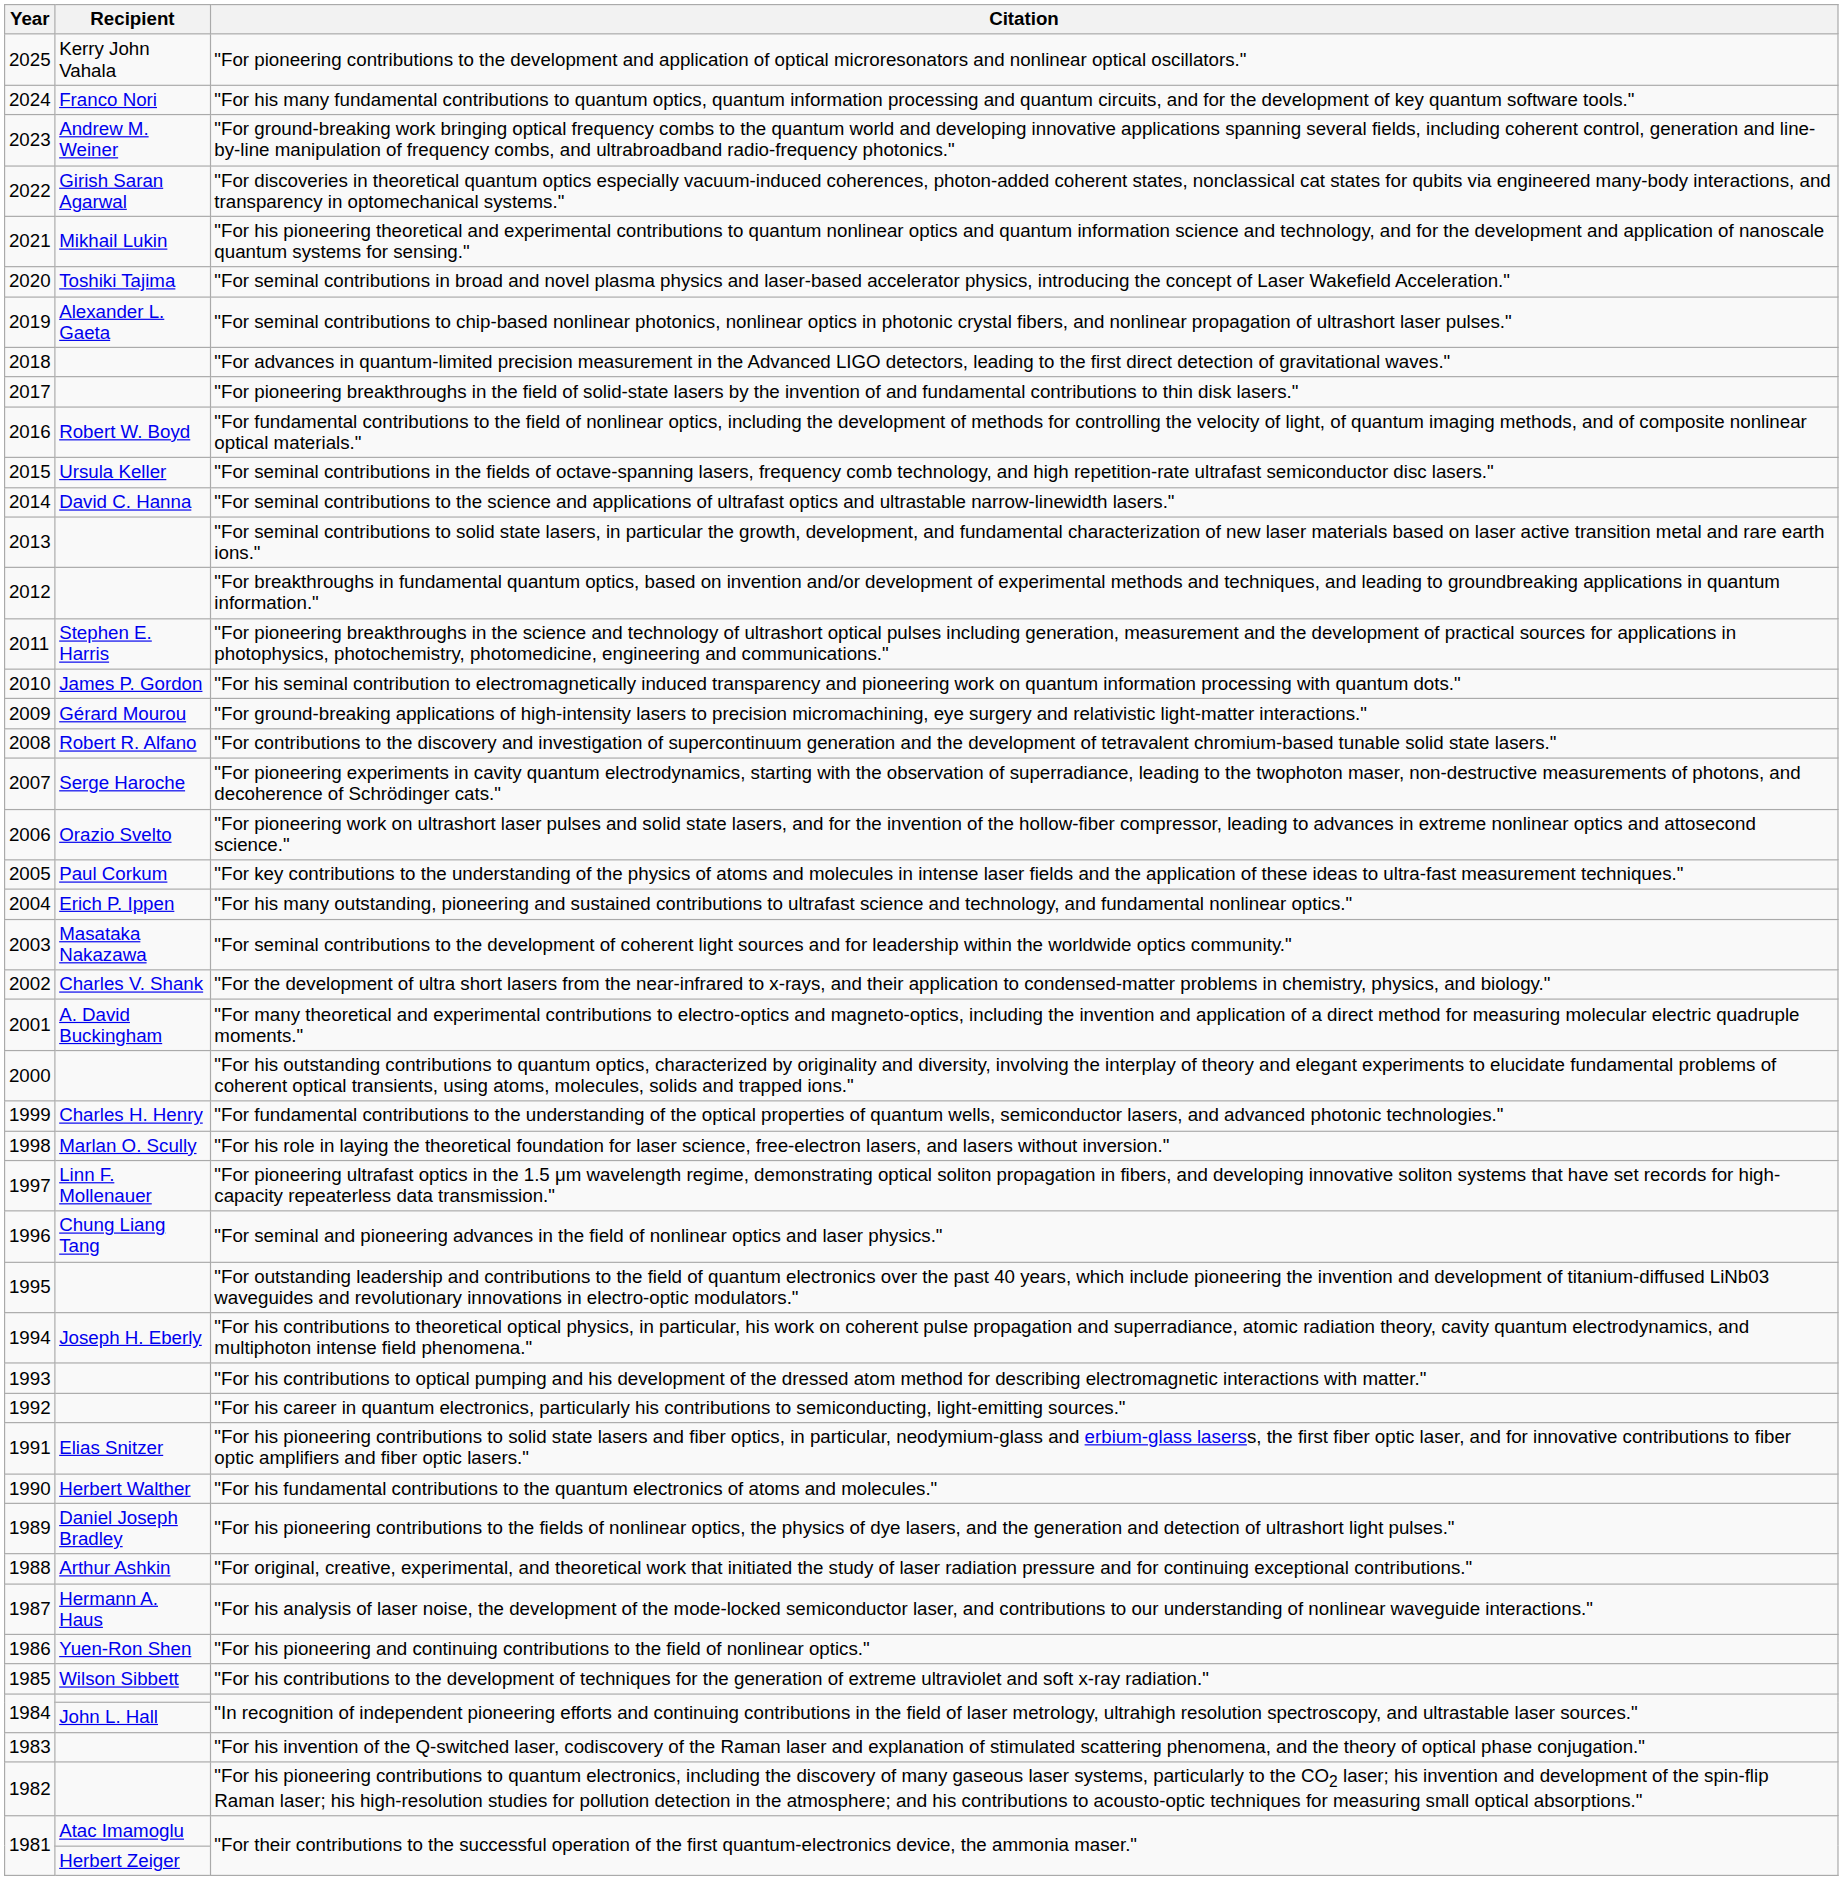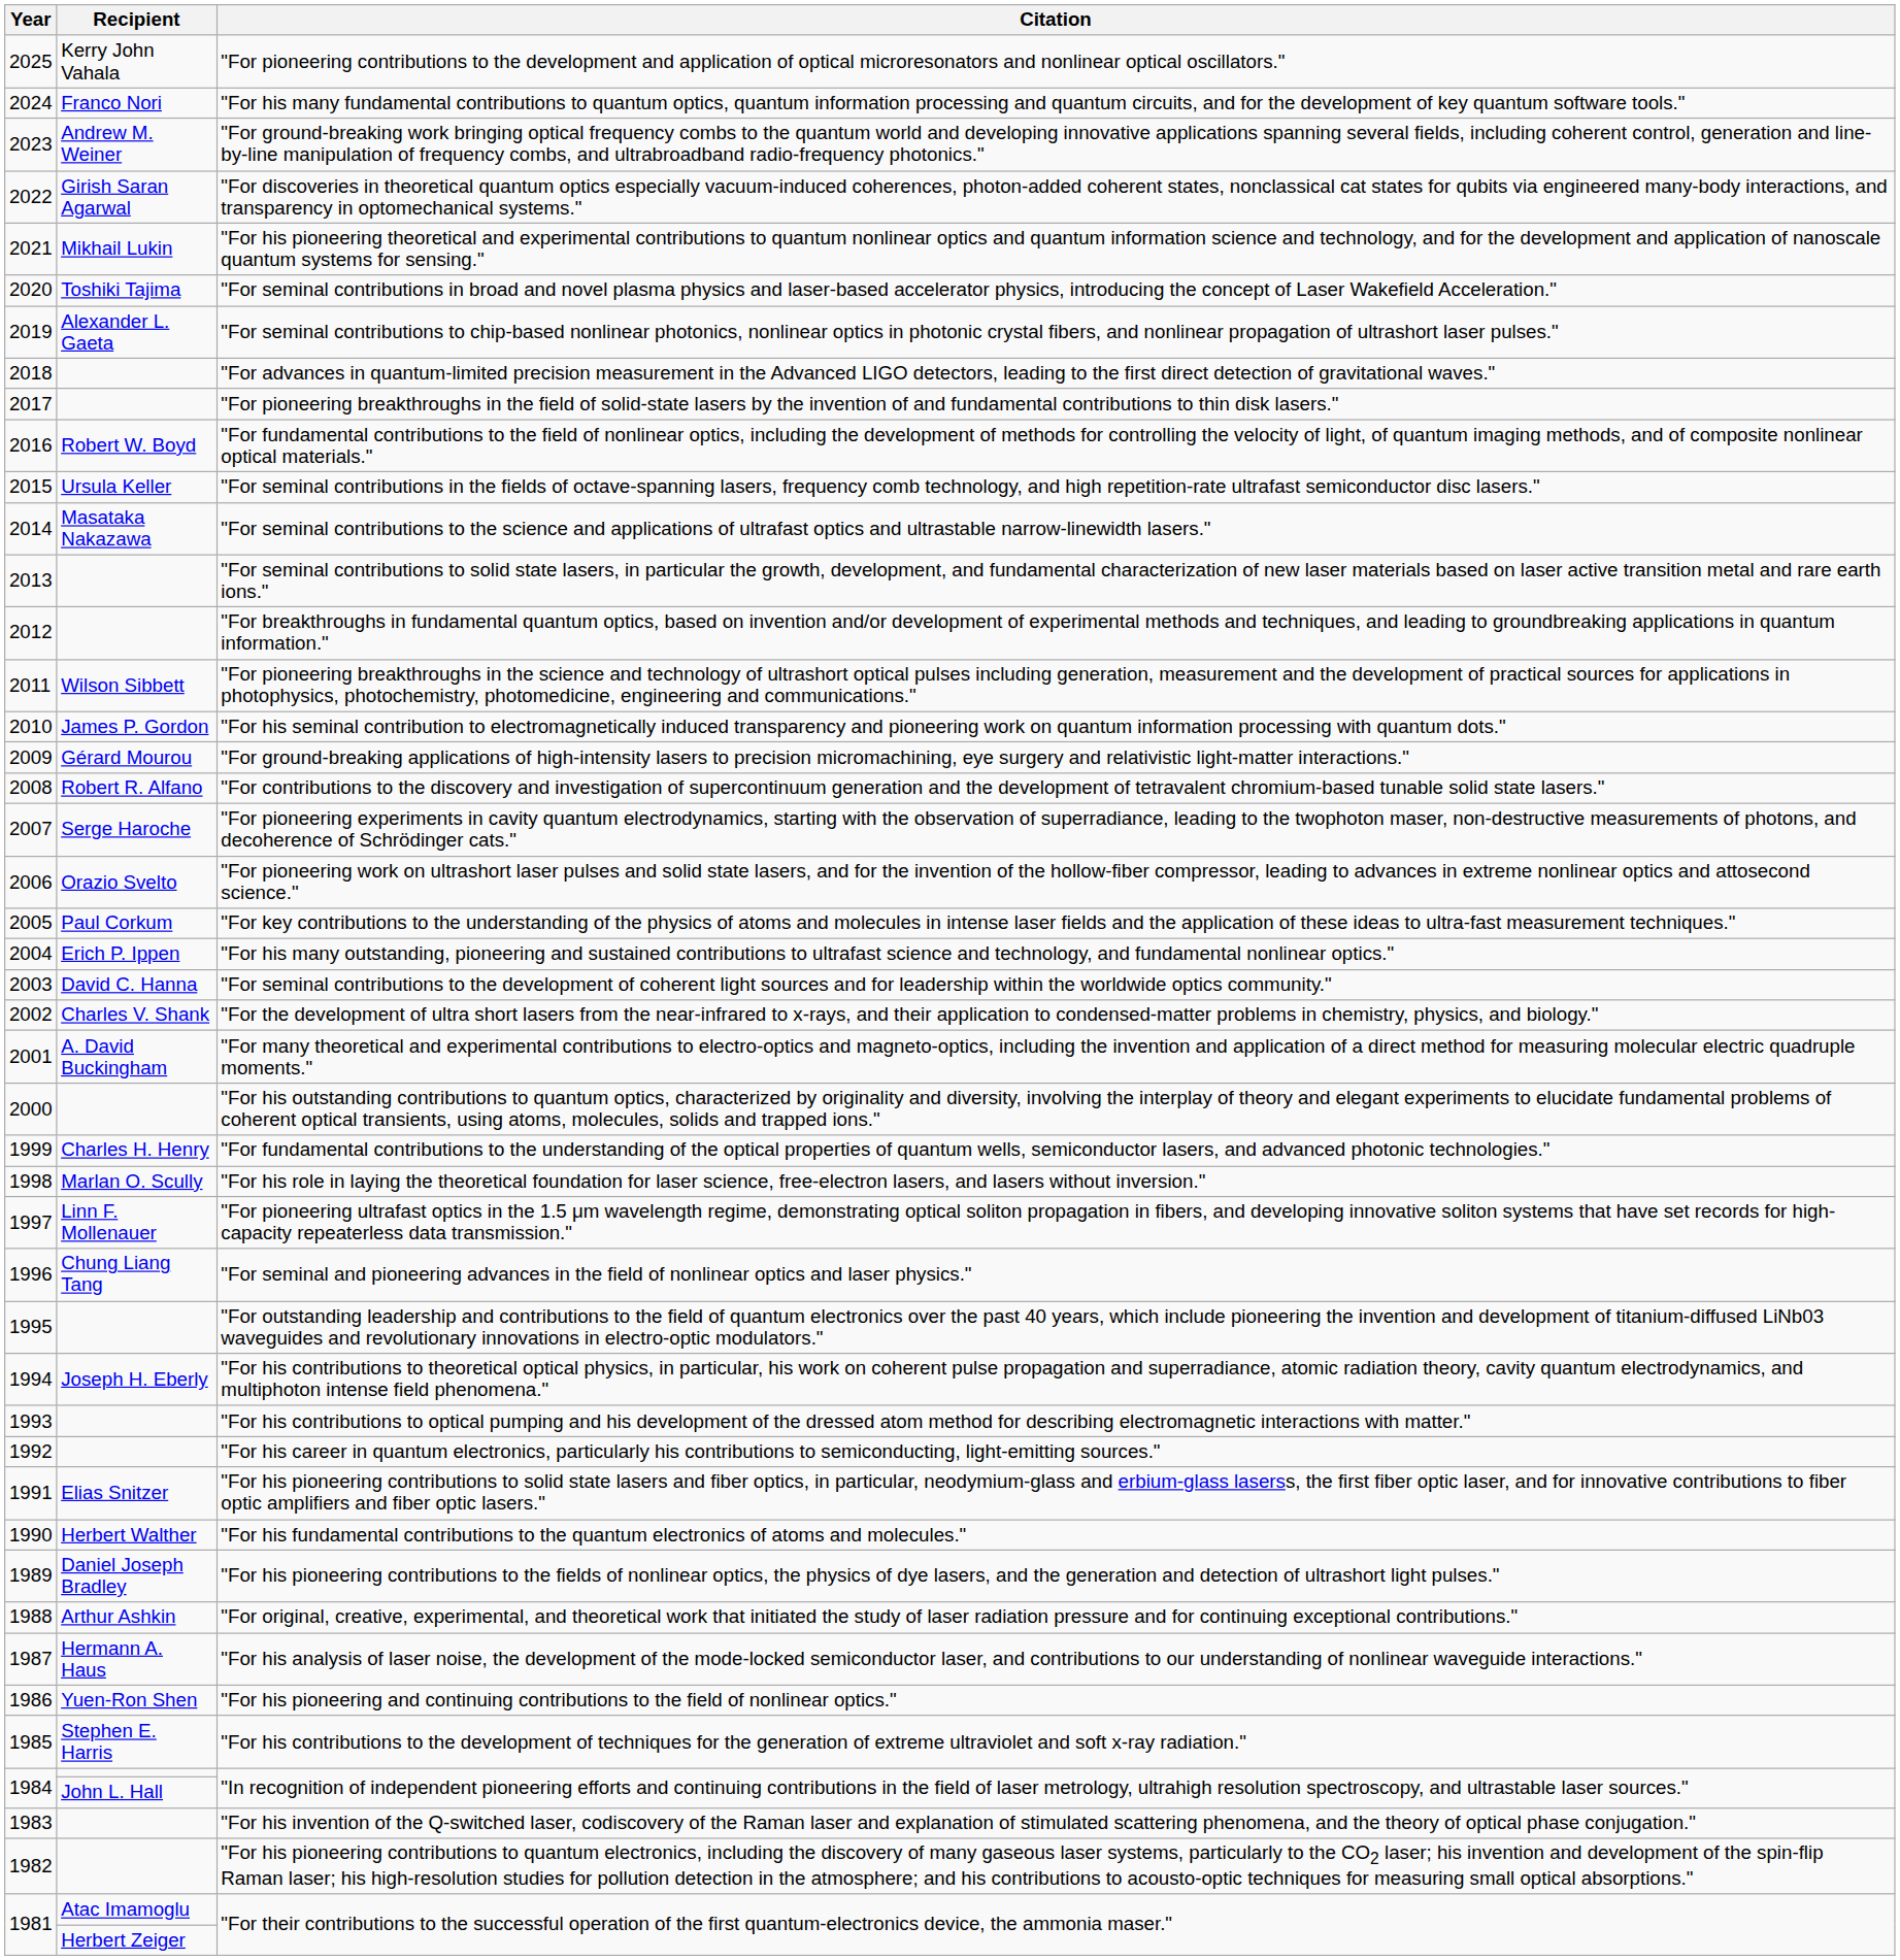 <table class="wikitable">
 <tr>
 <th>Year</th>
 <th>Recipient</th>
 <th>Citation</th>
 </tr>
 <tr>
 <td>2025</td>
 <td>Kerry John Vahala</td>
 <td>"For pioneering contributions to the development and application of optical microresonators and nonlinear optical oscillators."</td>
 </tr>
 <tr>
 <td>2024</td>
 <td><a href='#'>Franco Nori</a></td>
 <td>"For his many fundamental contributions to quantum optics, quantum information processing and quantum circuits, and for the development of key quantum software tools."</td>
 </tr>
 <tr>
 <td>2023</td>
 <td><a href='#'>Andrew M. Weiner</a></td>
 <td>"For ground-breaking work bringing optical frequency combs to the quantum world and developing innovative applications spanning several fields, including coherent control, generation and line-by-line manipulation of frequency combs, and ultrabroadband radio-frequency photonics."</td>
 </tr>
 <tr>
 <td>2022</td>
 <td><a href='#'>Girish Saran Agarwal</a></td>
 <td>"For discoveries in theoretical quantum optics especially vacuum-induced coherences, photon-added coherent states, nonclassical cat states for qubits via engineered many-body interactions, and transparency in optomechanical systems."</td>
 </tr>
 <tr>
 <td>2021</td>
 <td><a href='#'>Mikhail Lukin</a></td>
 <td>"For his pioneering theoretical and experimental contributions to quantum nonlinear optics and quantum information science and technology, and for the development and application of nanoscale quantum systems for sensing."</td>
 </tr>
 <tr>
 <td>2020</td>
 <td><a href='#'>Toshiki Tajima</a></td>
 <td>"For seminal contributions in broad and novel plasma physics and laser-based accelerator physics, introducing the concept of Laser Wakefield Acceleration."</td>
 </tr>
 <tr>
 <td>2019</td>
 <td><a href='#'>Alexander L. Gaeta</a></td>
 <td>"For seminal contributions to chip-based nonlinear photonics, nonlinear optics in photonic crystal fibers, and nonlinear propagation of ultrashort laser pulses."</td>
 </tr>
 <tr>
 <td>2018</td>
 <td></td>
 <td>"For advances in quantum-limited precision measurement in the Advanced LIGO detectors, leading to the first direct detection of gravitational waves."</td>
 </tr>
 <tr>
 <td>2017</td>
 <td></td>
 <td>"For pioneering breakthroughs in the field of solid-state lasers by the invention of and fundamental contributions to thin disk lasers."</td>
 </tr>
 <tr>
 <td>2016</td>
 <td><a href='#'>Robert W. Boyd</a></td>
 <td>"For fundamental contributions to the field of nonlinear optics, including the development of methods for controlling the velocity of light, of quantum imaging methods, and of composite nonlinear optical materials."</td>
 </tr>
 <tr>
 <td>2015</td>
 <td><a href='#'>Ursula Keller</a></td>
 <td>"For seminal contributions in the fields of octave-spanning lasers, frequency comb technology, and high repetition-rate ultrafast semiconductor disc lasers."</td>
 </tr>
 <tr>
 <td>2014</td>
-<td><a href='#'>David C. Hanna</a></td>
+<td><a href='#'>Masataka Nakazawa</a></td>
 <td>"For seminal contributions to the science and applications of ultrafast optics and ultrastable narrow-linewidth lasers."</td>
 </tr>
 <tr>
 <td>2013</td>
 <td></td>
 <td>"For seminal contributions to solid state lasers, in particular the growth, development, and fundamental characterization of new laser materials based on laser active transition metal and rare earth ions."</td>
 </tr>
 <tr>
 <td>2012</td>
 <td></td>
 <td>"For breakthroughs in fundamental quantum optics, based on invention and/or development of experimental methods and techniques, and leading to groundbreaking applications in quantum information."</td>
 </tr>
 <tr>
 <td>2011</td>
-<td><a href='#'>Stephen E. Harris</a> </td>
+<td><a href='#'>Wilson Sibbett</a></td>
 <td>"For pioneering breakthroughs in the science and technology of ultrashort optical pulses including generation, measurement and the development of practical sources for applications in photophysics, photochemistry, photomedicine, engineering and communications."</td>
 </tr>
 <tr>
 <td>2010</td>
 <td><a href='#'>James P. Gordon</a></td>
 <td>"For his seminal contribution to electromagnetically induced transparency and pioneering work on quantum information processing with quantum dots."</td>
 </tr>
 <tr>
 <td>2009</td>
 <td><a href='#'>Gérard Mourou</a> </td>
 <td>"For ground-breaking applications of high-intensity lasers to precision micromachining, eye surgery and relativistic light-matter interactions."</td>
 </tr>
 <tr>
 <td>2008</td>
 <td><a href='#'>Robert R. Alfano</a></td>
 <td>"For contributions to the discovery and investigation of supercontinuum generation and the development of tetravalent chromium-based tunable solid state lasers."</td>
 </tr>
 <tr>
 <td>2007</td>
 <td><a href='#'>Serge Haroche</a> </td>
 <td>"For pioneering experiments in cavity quantum electrodynamics, starting with the observation of superradiance, leading to the twophoton maser, non-destructive measurements of photons, and decoherence of Schrödinger cats."</td>
 </tr>
 <tr>
 <td>2006</td>
 <td><a href='#'>Orazio Svelto</a></td>
 <td>"For pioneering work on ultrashort laser pulses and solid state lasers, and for the invention of the hollow-fiber compressor, leading to advances in extreme nonlinear optics and attosecond science."</td>
 </tr>
 <tr>
 <td>2005</td>
 <td><a href='#'>Paul Corkum</a>  </td>
 <td>"For key contributions to the understanding of the physics of atoms and molecules in intense laser fields and the application of these ideas to ultra-fast measurement techniques."</td>
 </tr>
 <tr>
 <td>2004</td>
 <td><a href='#'>Erich P. Ippen</a></td>
 <td>"For his many outstanding, pioneering and sustained contributions to ultrafast science and technology, and fundamental nonlinear optics."</td>
 </tr>
 <tr>
 <td>2003</td>
-<td><a href='#'>Masataka Nakazawa</a></td>
+<td><a href='#'>David C. Hanna</a></td>
 <td>"For seminal contributions to the development of coherent light sources and for leadership within the worldwide optics community."</td>
 </tr>
 <tr>
 <td>2002</td>
 <td><a href='#'>Charles V. Shank</a></td>
 <td>"For the development of ultra short lasers from the near-infrared to x-rays, and their application to condensed-matter problems in chemistry, physics, and biology."</td>
 </tr>
 <tr>
 <td>2001</td>
 <td><a href='#'>A. David Buckingham</a></td>
 <td>"For many theoretical and experimental contributions to electro-optics and magneto-optics, including the invention and application of a direct method for measuring molecular electric quadruple moments."</td>
 </tr>
 <tr>
 <td>2000</td>
 <td></td>
 <td>"For his outstanding contributions to quantum optics, characterized by originality and diversity, involving the interplay of theory and elegant experiments to elucidate fundamental problems of coherent optical transients, using atoms, molecules, solids and trapped ions."</td>
 </tr>
 <tr>
 <td>1999</td>
 <td><a href='#'>Charles H. Henry</a></td>
 <td>"For fundamental contributions to the understanding of the optical properties of quantum wells, semiconductor lasers, and advanced photonic technologies."</td>
 </tr>
 <tr>
 <td>1998</td>
 <td><a href='#'>Marlan O. Scully</a></td>
 <td>"For his role in laying the theoretical foundation for laser science, free-electron lasers, and lasers without inversion."</td>
 </tr>
 <tr>
 <td>1997</td>
 <td><a href='#'>Linn F. Mollenauer</a></td>
 <td>"For pioneering ultrafast optics in the 1.5 μm wavelength regime, demonstrating optical soliton propagation in fibers, and developing innovative soliton systems that have set records for high-capacity repeaterless data transmission."</td>
 </tr>
 <tr>
 <td>1996</td>
 <td><a href='#'>Chung Liang Tang</a></td>
 <td>"For seminal and pioneering advances in the field of nonlinear optics and laser physics."</td>
 </tr>
 <tr>
 <td>1995</td>
 <td> </td>
 <td>"For outstanding leadership and contributions to the field of quantum electronics over the past 40 years, which include pioneering the invention and development of titanium-diffused LiNb03 waveguides and revolutionary innovations in electro-optic modulators."</td>
 </tr>
 <tr>
 <td>1994</td>
 <td><a href='#'>Joseph H. Eberly</a></td>
 <td>"For his contributions to theoretical optical physics, in particular, his work on coherent pulse propagation and superradiance, atomic radiation theory, cavity quantum electrodynamics, and multiphoton intense field phenomena."</td>
 </tr>
 <tr>
 <td>1993</td>
 <td></td>
 <td>"For his contributions to optical pumping and his development of the dressed atom method for describing electromagnetic interactions with matter."</td>
 </tr>
 <tr>
 <td>1992</td>
 <td></td>
 <td>"For his career in quantum electronics, particularly his contributions to semiconducting, light-emitting sources."</td>
 </tr>
 <tr>
 <td>1991</td>
 <td><a href='#'>Elias Snitzer</a></td>
 <td>"For his pioneering contributions to solid state lasers and fiber optics, in particular, neodymium-glass and <a href='#'>erbium-glass lasers</a>s, the first fiber optic laser, and for innovative contributions to fiber optic amplifiers and fiber optic lasers."</td>
 </tr>
 <tr>
 <td>1990</td>
 <td><a href='#'>Herbert Walther</a></td>
 <td>"For his fundamental contributions to the quantum electronics of atoms and molecules."</td>
 </tr>
 <tr>
 <td>1989</td>
 <td><a href='#'>Daniel Joseph Bradley</a> </td>
 <td>"For his pioneering contributions to the fields of nonlinear optics, the physics of dye lasers, and the generation and detection of ultrashort light pulses."</td>
 </tr>
 <tr>
 <td>1988</td>
 <td><a href='#'>Arthur Ashkin</a> </td>
 <td>"For original, creative, experimental, and theoretical work that initiated the study of laser radiation pressure and for continuing exceptional contributions."</td>
 </tr>
 <tr>
 <td>1987</td>
 <td><a href='#'>Hermann A. Haus</a> </td>
 <td>"For his analysis of laser noise, the development of the mode-locked semiconductor laser, and contributions to our understanding of nonlinear waveguide interactions."</td>
 </tr>
 <tr>
 <td>1986</td>
 <td><a href='#'>Yuen-Ron Shen</a></td>
 <td>"For his pioneering and continuing contributions to the field of nonlinear optics."</td>
 </tr>
 <tr>
 <td>1985</td>
-<td><a href='#'>Wilson Sibbett</a></td>
+<td><a href='#'>Stephen E. Harris</a> </td>
 <td>"For his contributions to the development of techniques for the generation of extreme ultraviolet and soft x-ray radiation."</td>
 </tr>
 <tr>
 <td rowspan=2>1984</td>
 <td></td>
 <td rowspan=2>"In recognition of independent pioneering efforts and continuing contributions in the field of laser metrology, ultrahigh resolution spectroscopy, and ultrastable laser sources."</td>
 </tr>
 <tr>
 <td><a href='#'>John L. Hall</a> </td>
 </tr>
 <tr>
 <td>1983</td>
 <td></td>
 <td>"For his invention of the Q-switched laser, codiscovery of the Raman laser and explanation of stimulated scattering phenomena, and the theory of optical phase conjugation."</td>
 </tr>
 <tr>
 <td>1982</td>
 <td></td>
 <td>"For his pioneering contributions to quantum electronics, including the discovery of many gaseous laser systems, particularly to the CO<sub>2</sub> laser; his invention and development of the spin-flip Raman laser; his high-resolution studies for pollution detection in the atmosphere; and his contributions to acousto-optic techniques for measuring small optical absorptions."</td>
 </tr>
 <tr>
 <td rowspan=2>1981</td>
 <td><a href='#'>Atac Imamoglu</a></td>
 <td rowspan=2>"For their contributions to the successful operation of the first quantum-electronics device, the ammonia maser."</td>
 </tr>
 <tr>
 <td><a href='#'>Herbert Zeiger</a></td>
 </tr>
 </table>
